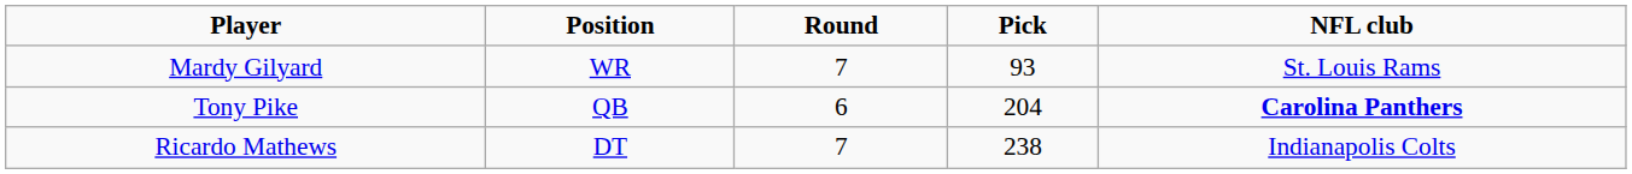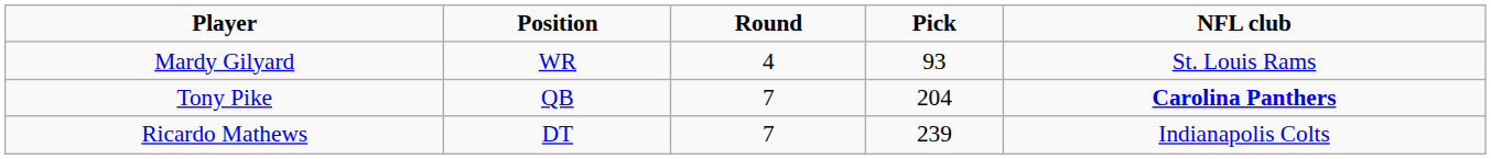 <table class="wikitable" width="80%">
 <tr align="center">
 <td><strong>Player</strong></td>
 <td><strong>Position</strong></td>
 <td><strong>Round</strong></td>
 <td><strong>Pick</strong></td>
 <td><strong>NFL club</strong></td>
 </tr>
 <tr align="center" bgcolor="">
 <td><a href='#'>Mardy Gilyard</a></td>
 <td><a href='#'>WR</a></td>
-<td>7</td>
+<td>4</td>
 <td>93</td>
 <td><a href='#'>St. Louis Rams</a></td>
 </tr>
 <tr align="center" bgcolor="">
 <td><a href='#'>Tony Pike</a></td>
 <td><a href='#'>QB</a></td>
-<td>6</td>
+<td>7</td>
 <td>204</td>
 <td><strong><a href='#'>Carolina Panthers</a></strong></td>
 </tr>
 <tr align="center" bgcolor="">
 <td><a href='#'>Ricardo Mathews</a></td>
 <td><a href='#'>DT</a></td>
 <td>7</td>
-<td>238</td>
+<td>239</td>
 <td><a href='#'>Indianapolis Colts</a></td>
 </tr>
 </table>
